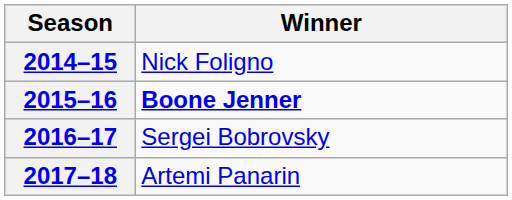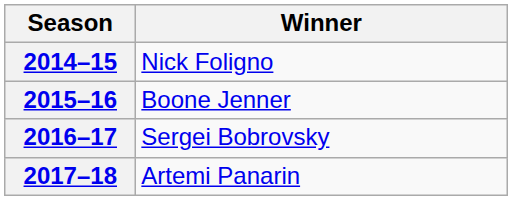 <table class="wikitable">
 <tr>
 <th scope="col" style="width:5em">Season</th>
 <th scope="col" style="width:15em">Winner</th>
 </tr>
 <tr>
 <th scope="row"><a href='#'>2014–15</a></th>
 <td><a href='#'>Nick Foligno</a></td>
 </tr>
 <tr>
 <th scope="row"><a href='#'>2015–16</a></th>
-<td><strong><a href='#'>Boone Jenner</a></strong></td>
+<td><a href='#'>Boone Jenner</a></td>
 </tr>
 <tr>
 <th scope="row"><a href='#'>2016–17</a></th>
 <td><a href='#'>Sergei Bobrovsky</a></td>
 </tr>
 <tr>
 <th scope="row"><a href='#'>2017–18</a></th>
 <td><a href='#'>Artemi Panarin</a></td>
 </tr>
 </table>
